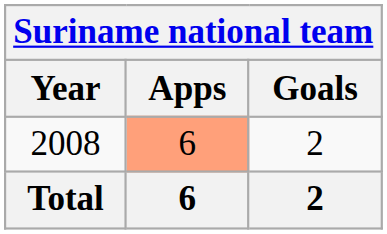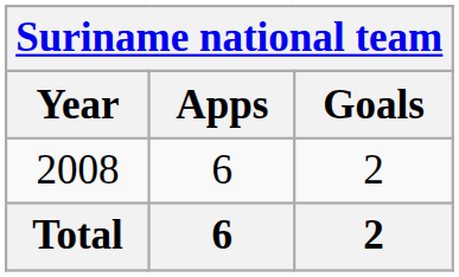 <table class="wikitable" style="text-align:center">
 <tr>
 <th colspan=3><a href='#'>Suriname national team</a></th>
 </tr>
 <tr>
 <th>Year</th>
 <th>Apps</th>
 <th>Goals</th>
 </tr>
 <tr>
 <td>2008</td>
-<td style="background: lightsalmon;">6</td>
+<td>6</td>
 <td>2</td>
 </tr>
 <tr>
 <th>Total</th>
 <th>6</th>
 <th>2</th>
 </tr>
 </table>
